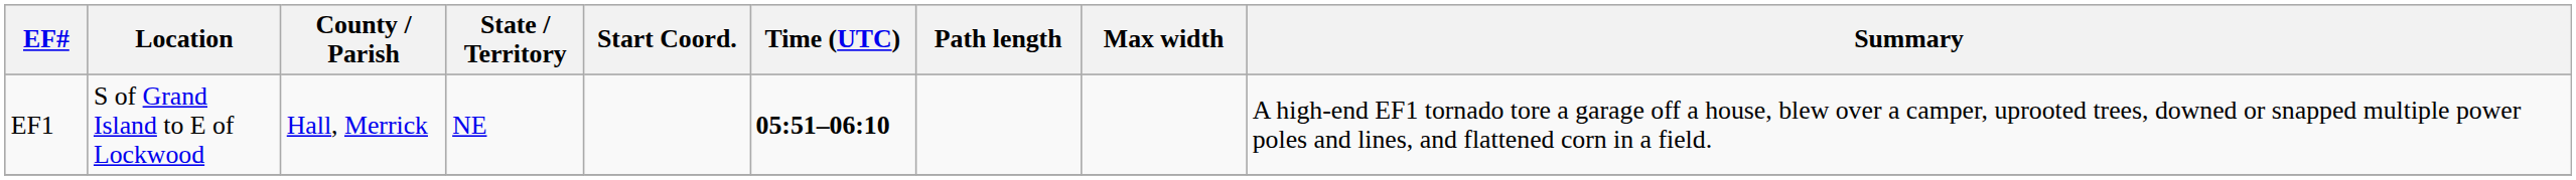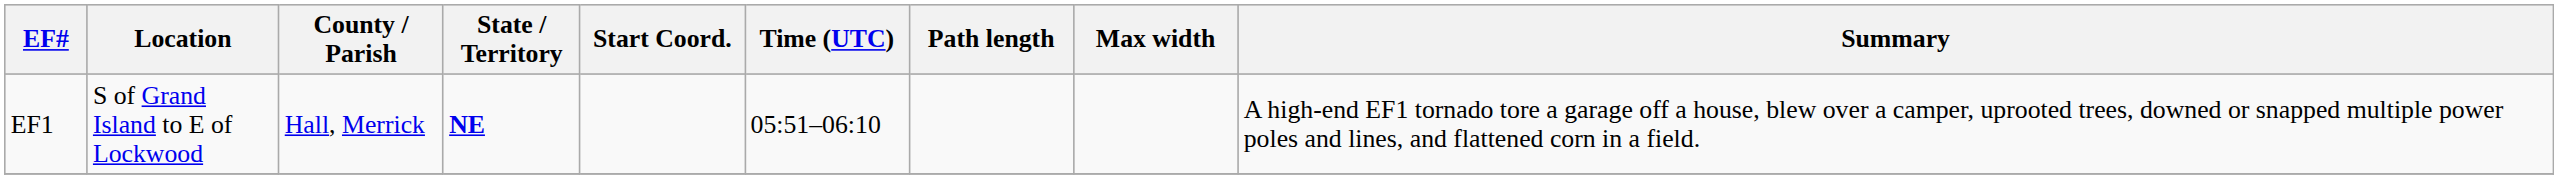 <table class="wikitable sortable" style="width:100%;">
 <tr>
 <th scope="col"  style="width:3%; text-align:center;"><a href='#'>EF#</a></th>
 <th scope="col"  style="width:7%; text-align:center;" class="unsortable">Location</th>
 <th scope="col"  style="width:6%; text-align:center;" class="unsortable">County / Parish</th>
 <th scope="col"  style="width:5%; text-align:center;">State / Territory</th>
 <th scope="col"  style="width:6%; text-align:center;">Start Coord.</th>
 <th scope="col"  style="width:6%; text-align:center;">Time (<a href='#'>UTC</a>)</th>
 <th scope="col"  style="width:6%; text-align:center;">Path length</th>
 <th scope="col"  style="width:6%; text-align:center;">Max width</th>
 <th scope="col" class="unsortable" style="width:48%; text-align:center;">Summary</th>
 </tr>
 <tr>
 <td>EF1</td>
 <td>S of <a href='#'>Grand Island</a> to E of <a href='#'>Lockwood</a></td>
 <td><a href='#'>Hall</a>, <a href='#'>Merrick</a></td>
-<td><a href='#'>NE</a></td>
+<td><strong><a href='#'>NE</a></strong></td>
 <td></td>
-<td><strong>05:51–06:10</strong></td>
+<td>05:51–06:10</td>
 <td></td>
 <td></td>
 <td>A high-end EF1 tornado tore a garage off a house, blew over a camper, uprooted trees, downed or snapped multiple power poles and lines, and flattened corn in a field.</td>
 </tr>
 <tr>
 </tr>
 </table>
